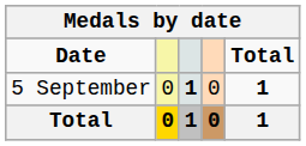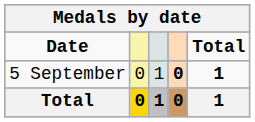 <table class="wikitable" style="font-size:85%">
 <tr bgcolor="#efefef">
 <th colspan=6>Medals by date</th>
 </tr>
 <tr align=center>
 <td><strong>Date</strong></td>
 <td bgcolor=#f7f6a8></td>
 <td bgcolor=#dce5e5></td>
 <td bgcolor=#ffdab9></td>
 <td><strong>Total</strong></td>
 </tr>
 <tr align=center>
 <td>5 September</td>
 <td style="background:#F7F6A8;">0</td>
-<td style="background:#DCE5E5;"><strong>1</strong></td>
-<td style="background:#FFDAB9;">0</td>
+<td style="background:#DCE5E5;">1</td>
+<td style="background:#FFDAB9;"><strong>0</strong></td>
 <td><strong>1</strong></td>
 </tr>
 <tr align=center>
 <th><strong>Total</strong></th>
 <th style="background:gold;"><strong>0</strong></th>
 <th style="background:silver;"><strong>1</strong></th>
 <th style="background:#c96;"><strong>0</strong></th>
 <th>1</th>
 </tr>
 </table>
